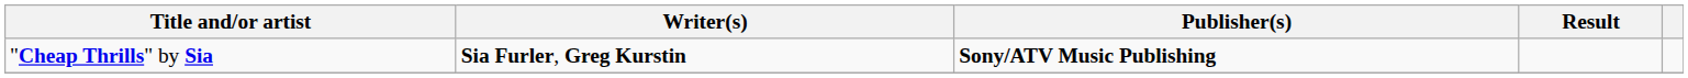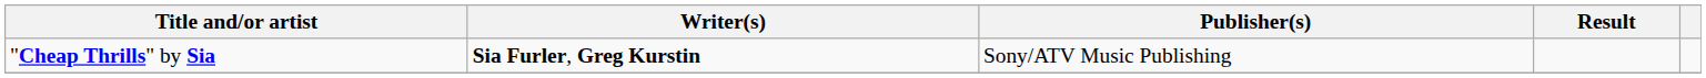 <table class="wikitable" width=100%>
 <tr>
 <th scope="col">Title and/or artist</th>
 <th scope="col">Writer(s)</th>
 <th scope="col">Publisher(s)</th>
 <th scope="col">Result</th>
 <th scope="col"></th>
 </tr>
 <tr>
 <td>"<strong><a href='#'>Cheap Thrills</a></strong>" by <strong><a href='#'>Sia</a></strong></td>
 <td><strong>Sia Furler</strong>, <strong>Greg Kurstin</strong></td>
-<td><strong>Sony/ATV Music Publishing</strong></td>
+<td>Sony/ATV Music Publishing</td>
 <td></td>
 <td></td>
 </tr>
 <tr>
 </tr>
 </table>
